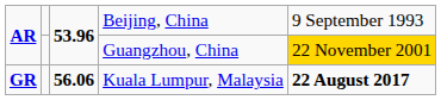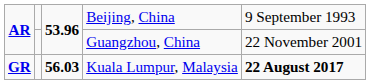 <table class="wikitable" style="font-size:95%; position:relative;">
 <tr>
 <td rowspan=2 align=center><strong><a href='#'>AR</a></strong></td>
 <td></td>
 <td rowspan=2><strong>53.96</strong></td>
 <td><a href='#'>Beijing</a>, <a href='#'>China</a></td>
 <td>9 September 1993</td>
 </tr>
 <tr>
 <td></td>
 <td><a href='#'>Guangzhou</a>, <a href='#'>China</a></td>
-<td style="background: gold;">22 November 2001</td>
+<td>22 November 2001</td>
 </tr>
 <tr>
 <td align=center><strong><a href='#'>GR</a></strong></td>
 <td></td>
-<td><strong>56.06</strong></td>
+<td><strong>56.03</strong></td>
 <td><a href='#'>Kuala Lumpur</a>, <a href='#'>Malaysia</a></td>
 <td><strong>22 August 2017</strong></td>
 </tr>
 </table>
